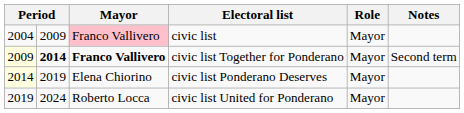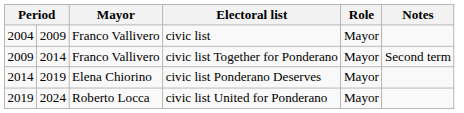 <table class="wikitable">
 <tr>
 <th colspan="2">Period</th>
 <th>Mayor</th>
 <th>Electoral list</th>
 <th>Role</th>
 <th>Notes</th>
 </tr>
 <tr>
 <td>2004</td>
 <td>2009</td>
-<td style="background: pink;">Franco Vallivero</td>
+<td>Franco Vallivero</td>
 <td>civic list</td>
 <td>Mayor</td>
 <td></td>
 </tr>
 <tr>
-<td style="background: lightyellow;">2009</td>
-<td><strong>2014</strong></td>
-<td><strong>Franco Vallivero</strong></td>
+<td>2009</td>
+<td>2014</td>
+<td>Franco Vallivero</td>
 <td>civic list Together for Ponderano</td>
 <td>Mayor</td>
 <td>Second term</td>
 </tr>
 <tr>
-<td style="background: lightyellow;">2014</td>
+<td>2014</td>
 <td>2019</td>
 <td>Elena Chiorino</td>
 <td>civic list Ponderano Deserves</td>
 <td>Mayor</td>
 <td></td>
 </tr>
 <tr>
 <td>2019</td>
 <td>2024</td>
 <td>Roberto Locca</td>
 <td>civic list United for Ponderano</td>
 <td>Mayor</td>
 <td></td>
 </tr>
 </table>
